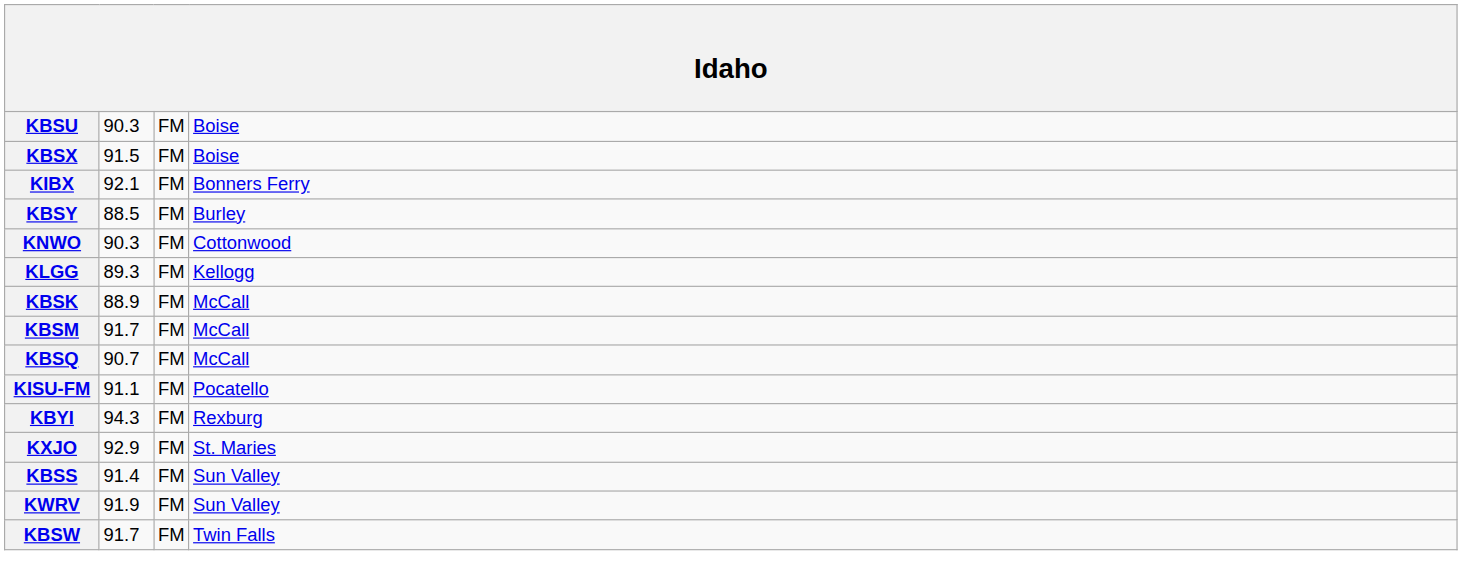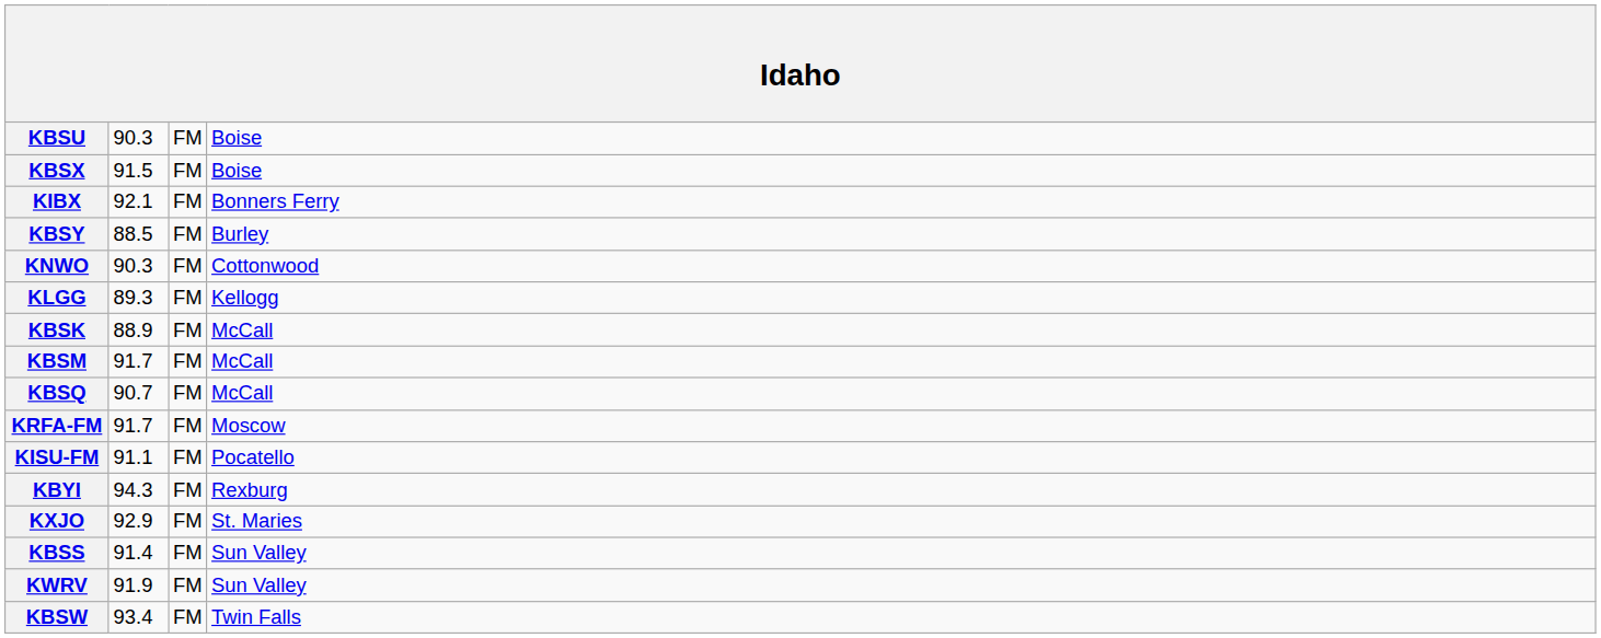 <table class="wikitable mw-collapsible" style="width:100%">
 <tr>
 <th scope="col" colspan="4"><br><h2>Idaho</h2></th>
 </tr>
 <tr>
 <th scope="row" style="width: 75px;"><a href='#'>KBSU</a></th>
 <td style="width: 40px;">90.3</td>
 <td style="width: 21px;">FM</td>
 <td><a href='#'>Boise</a></td>
 </tr>
 <tr>
 <th scope="row"><a href='#'>KBSX</a></th>
 <td>91.5</td>
 <td>FM</td>
 <td><a href='#'>Boise</a></td>
 </tr>
 <tr>
 <th scope="row"><a href='#'>KIBX</a></th>
 <td>92.1</td>
 <td>FM</td>
 <td><a href='#'>Bonners Ferry</a></td>
 </tr>
 <tr>
 <th scope="row"><a href='#'>KBSY</a></th>
 <td>88.5</td>
 <td>FM</td>
 <td><a href='#'>Burley</a></td>
 </tr>
 <tr>
 <th scope="row"><a href='#'>KNWO</a></th>
 <td>90.3</td>
 <td>FM</td>
 <td><a href='#'>Cottonwood</a></td>
 </tr>
 <tr>
 <th scope="row"><a href='#'>KLGG</a></th>
 <td>89.3</td>
 <td>FM</td>
 <td><a href='#'>Kellogg</a></td>
 </tr>
 <tr>
 <th scope="row"><a href='#'>KBSK</a></th>
 <td>88.9</td>
 <td>FM</td>
 <td><a href='#'>McCall</a></td>
 </tr>
 <tr>
 <th scope="row"><a href='#'>KBSM</a></th>
 <td>91.7</td>
 <td>FM</td>
 <td><a href='#'>McCall</a></td>
 </tr>
 <tr>
 <th scope="row"><a href='#'>KBSQ</a></th>
 <td>90.7</td>
 <td>FM</td>
 <td><a href='#'>McCall</a></td>
 </tr>
 <tr>
+<th scope="row"><a href='#'>KRFA-FM</a></th>
+<td>91.7</td>
+<td>FM</td>
+<td><a href='#'>Moscow</a></td>
+</tr>
+<tr>
 <th scope="row"><a href='#'>KISU-FM</a></th>
 <td>91.1</td>
 <td>FM</td>
 <td><a href='#'>Pocatello</a></td>
 </tr>
 <tr>
 <th scope="row"><a href='#'>KBYI</a></th>
 <td>94.3</td>
 <td>FM</td>
 <td><a href='#'>Rexburg</a></td>
 </tr>
 <tr>
 <th scope="row"><a href='#'>KXJO</a></th>
 <td>92.9</td>
 <td>FM</td>
 <td><a href='#'>St. Maries</a></td>
 </tr>
 <tr>
 <th scope="row"><a href='#'>KBSS</a></th>
 <td>91.4</td>
 <td>FM</td>
 <td><a href='#'>Sun Valley</a></td>
 </tr>
 <tr>
 <th scope="row"><a href='#'>KWRV</a></th>
 <td>91.9</td>
 <td>FM</td>
 <td><a href='#'>Sun Valley</a></td>
 </tr>
 <tr>
 <th scope="row"><a href='#'>KBSW</a></th>
-<td>91.7</td>
+<td>93.4</td>
 <td>FM</td>
 <td><a href='#'>Twin Falls</a></td>
 </tr>
 </table>
